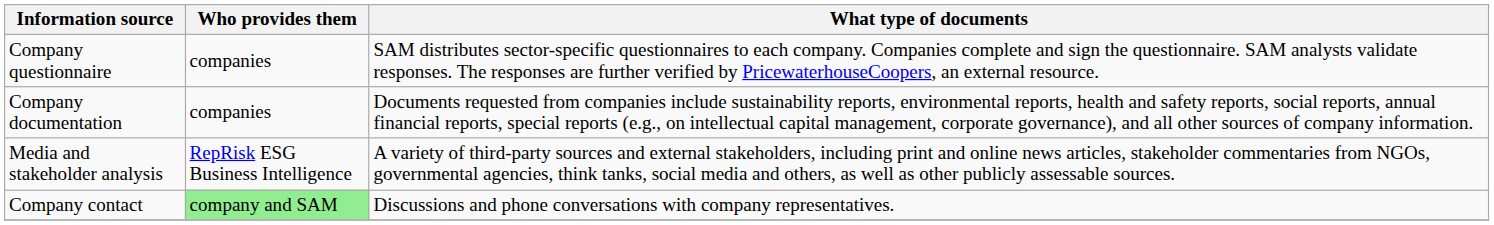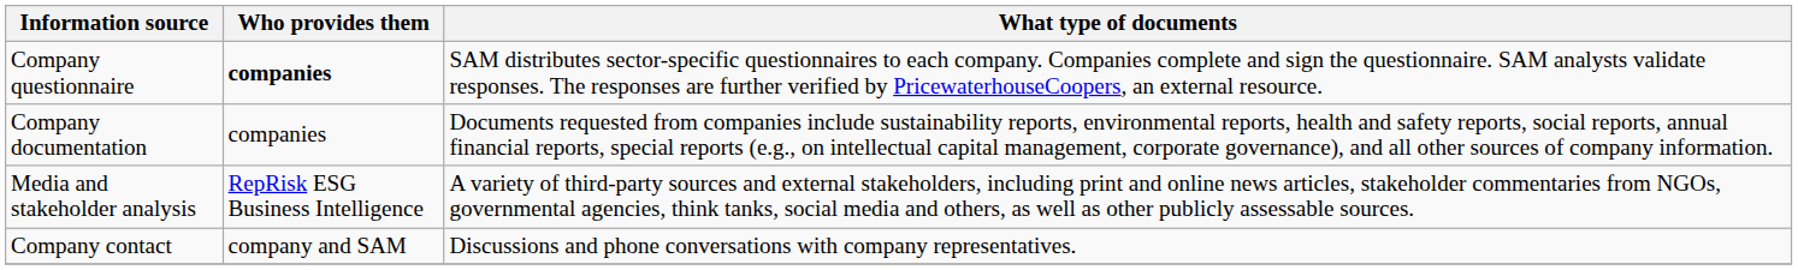 <table class="wikitable sortable">
 <tr>
 <th>Information source</th>
 <th>Who provides them</th>
 <th>What type of documents</th>
 </tr>
 <tr>
 <td>Company questionnaire</td>
-<td>companies</td>
+<td><strong>companies</strong></td>
 <td>SAM distributes sector-specific questionnaires to each company. Companies complete and sign the questionnaire. SAM analysts validate responses. The responses are further verified by <a href='#'>PricewaterhouseCoopers</a>, an external resource.</td>
 </tr>
 <tr>
 <td>Company documentation</td>
 <td>companies</td>
 <td>Documents requested from companies include sustainability reports, environmental reports, health and safety reports, social reports, annual financial reports, special reports (e.g., on intellectual capital management, corporate governance), and all other sources of company information.</td>
 </tr>
 <tr>
 <td>Media and stakeholder analysis</td>
 <td><a href='#'>RepRisk</a> ESG Business Intelligence</td>
 <td>A variety of third-party sources and external stakeholders, including print and online news articles, stakeholder commentaries from NGOs, governmental agencies, think tanks, social media and others, as well as other publicly assessable sources.</td>
 </tr>
 <tr>
 <td>Company contact</td>
-<td style="background: lightgreen;">company and SAM</td>
+<td>company and SAM</td>
 <td>Discussions and phone conversations with company representatives.</td>
 </tr>
 <tr>
 </tr>
 </table>
